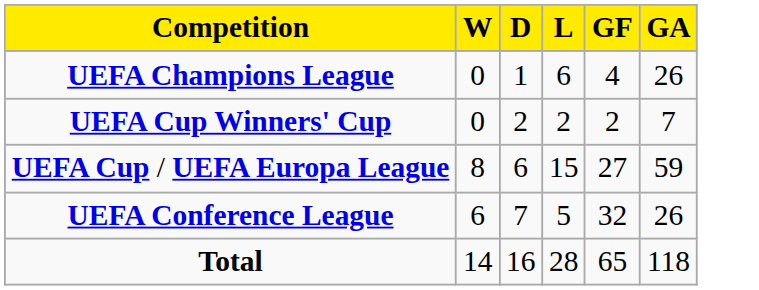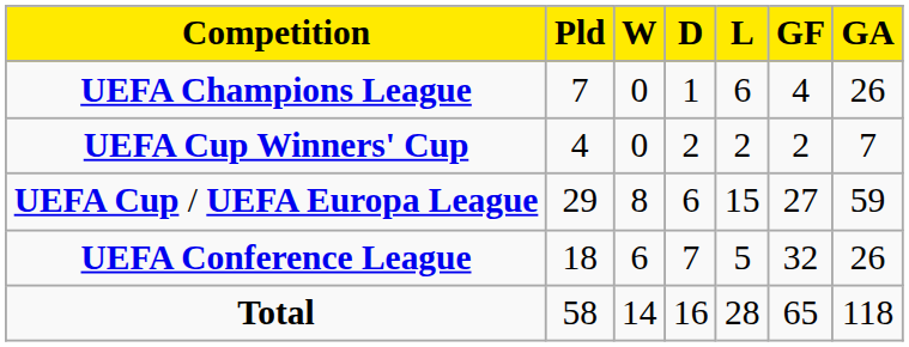 <table class="wikitable sortable" style="text-align: center;">
 <tr>
 <th style="color:black; background:#FFEA00;">Competition</th>
+<th style="color:black; background:#FFEA00;">Pld</th>
 <th style="color:black; background:#FFEA00;">W</th>
 <th style="color:black; background:#FFEA00;">D</th>
 <th style="color:black; background:#FFEA00;">L</th>
 <th style="color:black; background:#FFEA00;">GF</th>
 <th style="color:black; background:#FFEA00;">GA</th>
 </tr>
 <tr>
 <td><strong><a href='#'>UEFA Champions League</a></strong></td>
+<td>7</td>
 <td>0</td>
 <td>1</td>
 <td>6</td>
 <td>4</td>
 <td>26</td>
 </tr>
 <tr>
 <td><strong><a href='#'>UEFA Cup Winners' Cup</a></strong></td>
+<td>4</td>
 <td>0</td>
 <td>2</td>
 <td>2</td>
 <td>2</td>
 <td>7</td>
 </tr>
 <tr>
 <td><strong><a href='#'>UEFA Cup</a></strong> / <strong><a href='#'>UEFA Europa League</a></strong></td>
+<td>29</td>
 <td>8</td>
 <td>6</td>
 <td>15</td>
 <td>27</td>
 <td>59</td>
 </tr>
 <tr>
 <td><strong><a href='#'>UEFA Conference League</a></strong></td>
+<td>18</td>
 <td>6</td>
 <td>7</td>
 <td>5</td>
 <td>32</td>
 <td>26</td>
 </tr>
 <tr>
 <td><strong>Total</strong></td>
+<td>58</td>
 <td>14</td>
 <td>16</td>
 <td>28</td>
 <td>65</td>
 <td>118</td>
 </tr>
 </table>
